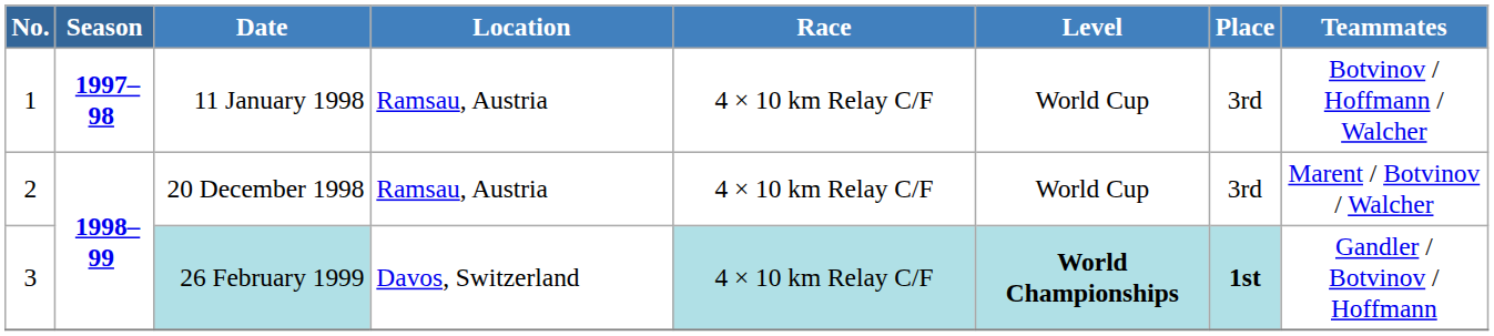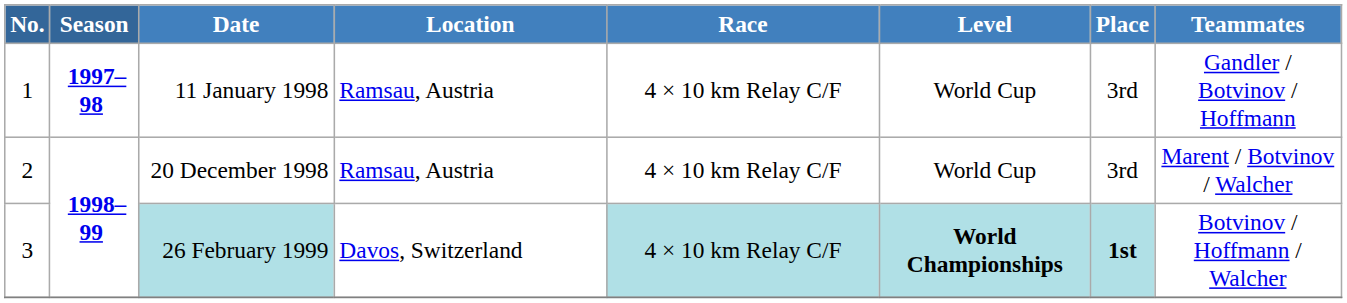 <table class="wikitable sortable" style="font-size:95%; text-align:center; border:grey solid 1px; border-collapse:collapse; background:#ffffff;">
 <tr style="background:#efefef;">
 <th style="background-color:#369; color:white;">No.</th>
 <th style="background-color:#369; color:white;">Season</th>
 <th style="background-color:#4180be; color:white; width:120px;">Date</th>
 <th style="background-color:#4180be; color:white; width:170px;">Location</th>
 <th style="background-color:#4180be; color:white; width:170px;">Race</th>
 <th style="background-color:#4180be; color:white; width:130px;">Level</th>
 <th style="background-color:#4180be; color:white;">Place</th>
 <th style="background-color:#4180be; color:white;">Teammates</th>
 </tr>
 <tr>
 <td align=center>1</td>
 <td rowspan=1 align=center><strong> <a href='#'>1997–98</a> </strong></td>
 <td align=right>11 January 1998</td>
 <td align=left> <a href='#'>Ramsau</a>, Austria</td>
 <td>4 × 10 km Relay C/F</td>
 <td>World Cup</td>
 <td>3rd</td>
-<td><a href='#'>Botvinov</a> / <a href='#'>Hoffmann</a> / <a href='#'>Walcher</a></td>
+<td><a href='#'>Gandler</a> / <a href='#'>Botvinov</a> / <a href='#'>Hoffmann</a></td>
 </tr>
 <tr>
 <td align=center>2</td>
 <td rowspan=2 align=center><strong> <a href='#'>1998–99</a> </strong></td>
 <td align=right>20 December 1998</td>
 <td align=left> <a href='#'>Ramsau</a>, Austria</td>
 <td>4 × 10 km Relay C/F</td>
 <td>World Cup</td>
 <td>3rd</td>
 <td><a href='#'>Marent</a> / <a href='#'>Botvinov</a> / <a href='#'>Walcher</a></td>
 </tr>
 <tr>
 <td align=center>3</td>
 <td bgcolor="#BOEOE6" align=right>26 February 1999</td>
 <td align=left> <a href='#'>Davos</a>, Switzerland</td>
 <td bgcolor="#BOEOE6">4 × 10 km Relay C/F</td>
 <td bgcolor="#BOEOE6"><strong>World Championships</strong></td>
 <td bgcolor="#BOEOE6"><strong>1st</strong></td>
-<td><a href='#'>Gandler</a> / <a href='#'>Botvinov</a> / <a href='#'>Hoffmann</a></td>
+<td><a href='#'>Botvinov</a> / <a href='#'>Hoffmann</a> / <a href='#'>Walcher</a></td>
 </tr>
 <tr>
 </tr>
 </table>
